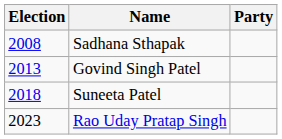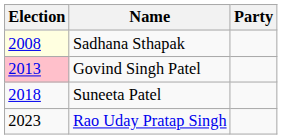 <table class="wikitable sortable">
 <tr>
 <th>Election</th>
 <th>Name</th>
 <th colspan=2>Party</th>
 </tr>
 <tr>
-<td><a href='#'>2008</a></td>
+<td style="background: lightyellow;"><a href='#'>2008</a></td>
 <td>Sadhana Sthapak</td>
 <td></td>
 </tr>
 <tr>
-<td><a href='#'>2013</a></td>
+<td style="background: pink;"><a href='#'>2013</a></td>
 <td>Govind Singh Patel</td>
 <td></td>
 </tr>
 <tr>
 <td><a href='#'>2018</a></td>
 <td>Suneeta Patel</td>
 <td></td>
 </tr>
 <tr>
 <td>2023</td>
 <td><a href='#'>Rao Uday Pratap Singh</a></td>
 <td></td>
 </tr>
 </table>
